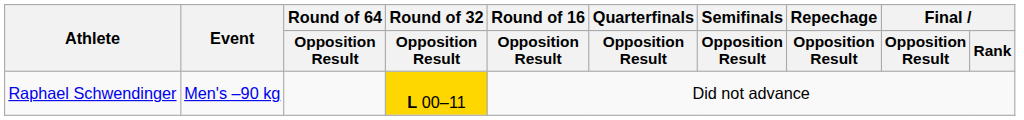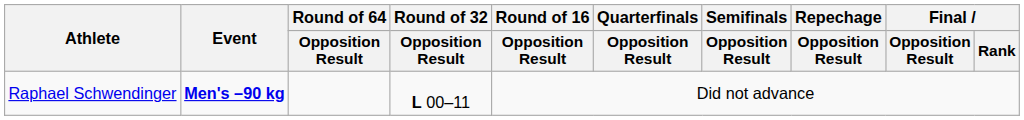 <table class="wikitable" style="font-size:90%">
 <tr>
 <th rowspan="2">Athlete</th>
 <th rowspan="2">Event</th>
 <th>Round of 64</th>
 <th>Round of 32</th>
 <th>Round of 16</th>
 <th>Quarterfinals</th>
 <th>Semifinals</th>
 <th>Repechage</th>
 <th colspan=2>Final / </th>
 </tr>
 <tr style="font-size:95%">
 <th>Opposition<br>Result</th>
 <th>Opposition<br>Result</th>
 <th>Opposition<br>Result</th>
 <th>Opposition<br>Result</th>
 <th>Opposition<br>Result</th>
 <th>Opposition<br>Result</th>
 <th>Opposition<br>Result</th>
 <th>Rank</th>
 </tr>
 <tr align=center>
 <td align=left><a href='#'>Raphael Schwendinger</a></td>
-<td align=left><a href='#'>Men's –90 kg</a></td>
+<td align=left><strong><a href='#'>Men's –90 kg</a></strong></td>
 <td></td>
-<td style="background: gold;"><br><strong>L</strong> 00–11</td>
+<td><br><strong>L</strong> 00–11</td>
 <td colspan=6>Did not advance</td>
 </tr>
 </table>
